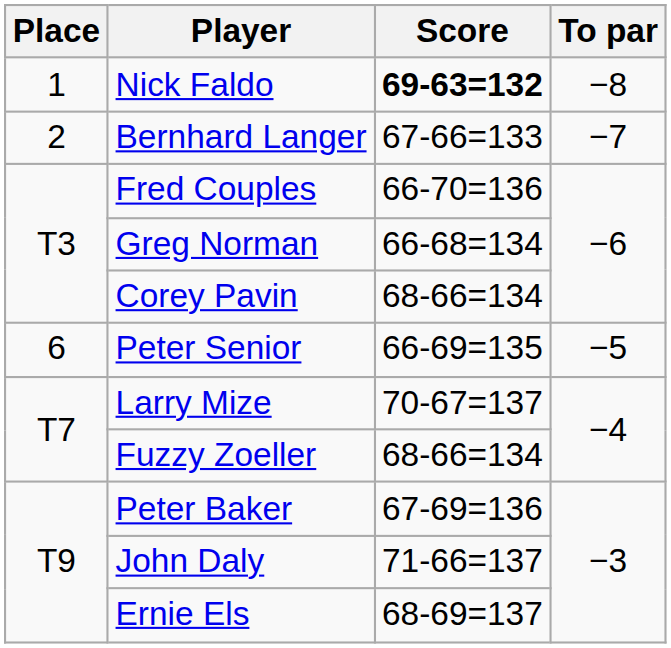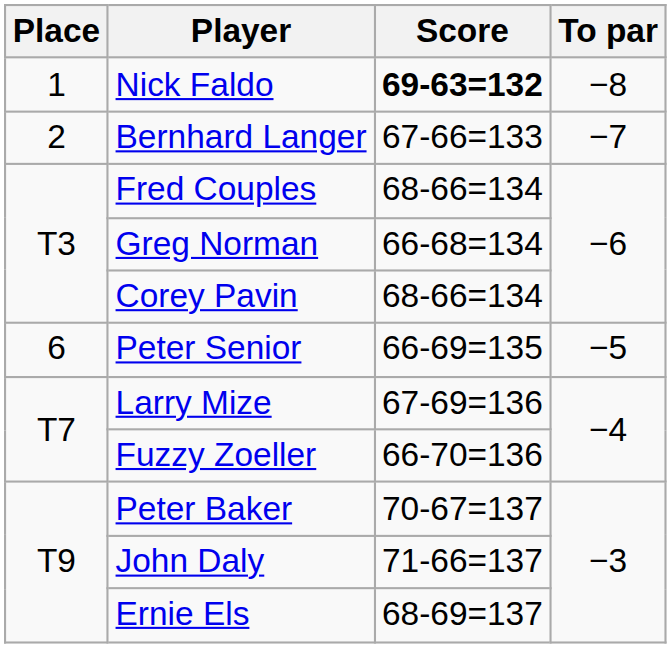 <table class="wikitable">
 <tr>
 <th>Place</th>
 <th>Player</th>
 <th>Score</th>
 <th>To par</th>
 </tr>
 <tr>
 <td align=center>1</td>
 <td> <a href='#'>Nick Faldo</a></td>
 <td align=center><strong>69-63=132</strong></td>
 <td align=center>−8</td>
 </tr>
 <tr>
 <td align=center>2</td>
 <td> <a href='#'>Bernhard Langer</a></td>
 <td align=center>67-66=133</td>
 <td align=center>−7</td>
 </tr>
 <tr>
 <td rowspan="3" align=center>T3</td>
 <td> <a href='#'>Fred Couples</a></td>
-<td align=center>66-70=136</td>
+<td align=center>68-66=134</td>
 <td rowspan="3" align=center>−6</td>
 </tr>
 <tr>
 <td> <a href='#'>Greg Norman</a></td>
 <td align=center>66-68=134</td>
 </tr>
 <tr>
 <td> <a href='#'>Corey Pavin</a></td>
 <td align=center>68-66=134</td>
 </tr>
 <tr>
 <td align=center>6</td>
 <td> <a href='#'>Peter Senior</a></td>
 <td align=center>66-69=135</td>
 <td align=center>−5</td>
 </tr>
 <tr>
 <td rowspan="2" align=center>T7</td>
 <td> <a href='#'>Larry Mize</a></td>
-<td align=center>70-67=137</td>
+<td align=center>67-69=136</td>
 <td rowspan="2" align=center>−4</td>
 </tr>
 <tr>
 <td> <a href='#'>Fuzzy Zoeller</a></td>
-<td align=center>68-66=134</td>
+<td align=center>66-70=136</td>
 </tr>
 <tr>
 <td rowspan="3" align=center>T9</td>
 <td> <a href='#'>Peter Baker</a></td>
-<td align=center>67-69=136</td>
+<td align=center>70-67=137</td>
 <td rowspan="3" align=center>−3</td>
 </tr>
 <tr>
 <td> <a href='#'>John Daly</a></td>
 <td align=center>71-66=137</td>
 </tr>
 <tr>
 <td> <a href='#'>Ernie Els</a></td>
 <td align=center>68-69=137</td>
 </tr>
 </table>
